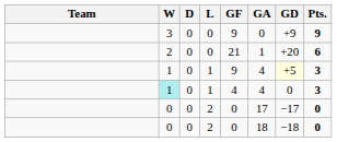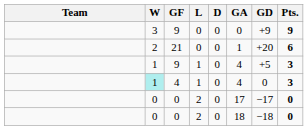 <table class="wikitable" style="text-align:center;">
 <tr>
 <th width=200px>Team</th>
 <th width=20px>W</th>
+<th width=30px>GF</th>
+<th width=20px>L</th>
 <th width=20px>D</th>
-<th width=20px>L</th>
-<th width=30px>GF</th>
 <th width=30px>GA</th>
 <th width=30px>GD</th>
 <th width=30px>Pts.</th>
 </tr>
 <tr>
 <td align=left></td>
 <td>3</td>
+<td>9</td>
 <td>0</td>
 <td>0</td>
-<td>9</td>
 <td>0</td>
 <td>+9</td>
 <td><strong>9</strong></td>
 </tr>
 <tr>
 <td align=left></td>
 <td>2</td>
+<td>21</td>
 <td>0</td>
 <td>0</td>
-<td>21</td>
 <td>1</td>
 <td>+20</td>
 <td><strong>6</strong></td>
 </tr>
 <tr>
 <td align=left></td>
 <td>1</td>
+<td>9</td>
+<td>1</td>
 <td>0</td>
-<td>1</td>
-<td>9</td>
 <td>4</td>
-<td style="background: lightyellow;">+5</td>
+<td>+5</td>
 <td><strong>3</strong></td>
 </tr>
 <tr>
 <td align=left></td>
 <td style="background: paleturquoise;">1</td>
+<td>4</td>
+<td>1</td>
 <td>0</td>
-<td>1</td>
-<td>4</td>
 <td>4</td>
 <td>0</td>
 <td><strong>3</strong></td>
 </tr>
 <tr>
 <td align=left></td>
 <td>0</td>
 <td>0</td>
 <td>2</td>
 <td>0</td>
 <td>17</td>
 <td>−17</td>
 <td><strong>0</strong></td>
 </tr>
 <tr>
 <td align=left></td>
 <td>0</td>
 <td>0</td>
 <td>2</td>
 <td>0</td>
 <td>18</td>
 <td>−18</td>
 <td><strong>0</strong></td>
 </tr>
 </table>
